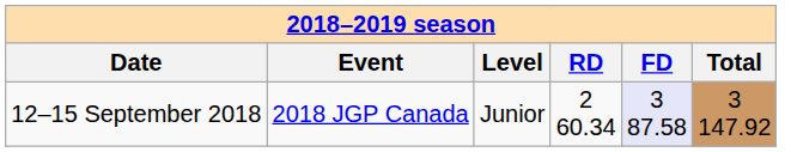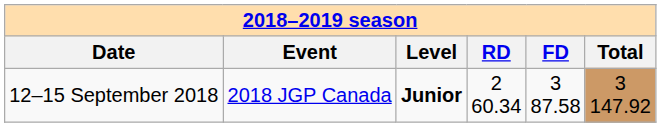 <table class="wikitable">
 <tr>
 <td style="background-color: #ffdead; " colspan=6 align=center><a href='#'><strong>2018–2019 season</strong></a></td>
 </tr>
 <tr>
 <th>Date</th>
 <th>Event</th>
 <th>Level</th>
 <th><a href='#'>RD</a></th>
 <th><a href='#'>FD</a></th>
 <th>Total</th>
 </tr>
 <tr>
 <td>12–15 September 2018</td>
 <td><a href='#'>2018 JGP Canada</a></td>
-<td>Junior</td>
+<td><strong>Junior</strong></td>
 <td align=center>2 <br> 60.34</td>
-<td align=center style="background: lavender;">3 <br> 87.58</td>
+<td align=center>3 <br> 87.58</td>
 <td align=center bgcolor=cc9966>3 <br> 147.92</td>
 </tr>
 </table>
